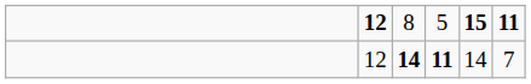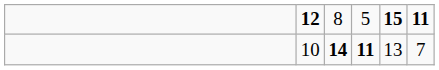 <table class="wikitable">
 <tr>
 <td style="width:15em"></td>
 <td align=center style="width:1em"><strong>12</strong></td>
 <td align=center style="width:1em">8</td>
 <td align=center style="width:1em">5</td>
 <td align=center style="width:1em"><strong>15</strong></td>
 <td align=center style="width:1em"><strong>11</strong></td>
 </tr>
 <tr>
 <td style="width:15em"></td>
-<td align=center style="width:1em">12</td>
+<td align=center style="width:1em">10</td>
 <td align=center style="width:1em"><strong>14</strong></td>
 <td align=center style="width:1em"><strong>11</strong></td>
-<td align=center style="width:1em">14</td>
+<td align=center style="width:1em">13</td>
 <td align=center style="width:1em">7</td>
 </tr>
 </table>
